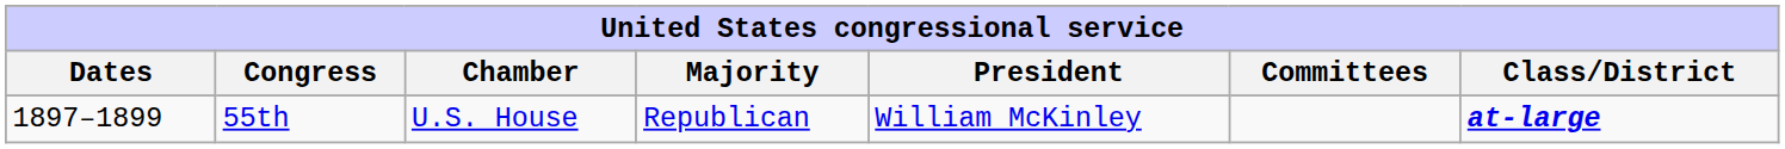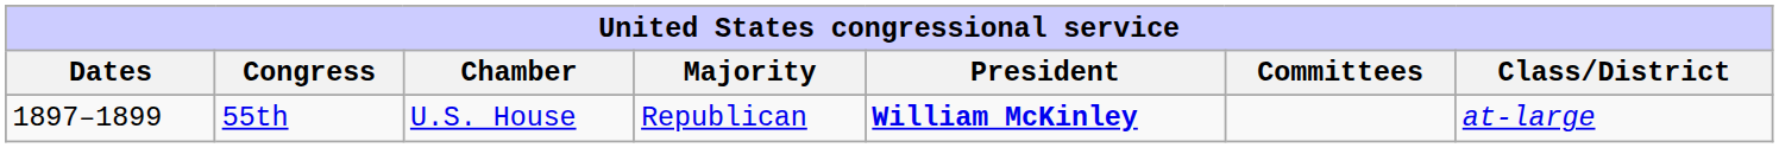 <table class=wikitable style="width: 94%" style="text-align: center;" align="center">
 <tr bgcolor=#cccccc>
 <th colspan=7 style="background: #ccccff;">United States congressional service</th>
 </tr>
 <tr>
 <th><strong>Dates</strong></th>
 <th><strong>Congress</strong></th>
 <th><strong>Chamber</strong></th>
 <th><strong>Majority</strong></th>
 <th><strong>President</strong></th>
 <th><strong>Committees</strong></th>
 <th><strong>Class/District</strong></th>
 </tr>
 <tr>
 <td>1897–1899</td>
 <td><a href='#'>55th</a></td>
 <td><a href='#'>U.S. House</a></td>
 <td><a href='#'>Republican</a></td>
-<td><a href='#'>William McKinley</a></td>
+<td><strong><a href='#'>William McKinley</a></strong></td>
 <td></td>
-<td><strong><a href='#'><em>at-large</em></a></strong></td>
+<td><a href='#'><em>at-large</em></a></td>
 </tr>
 </table>
